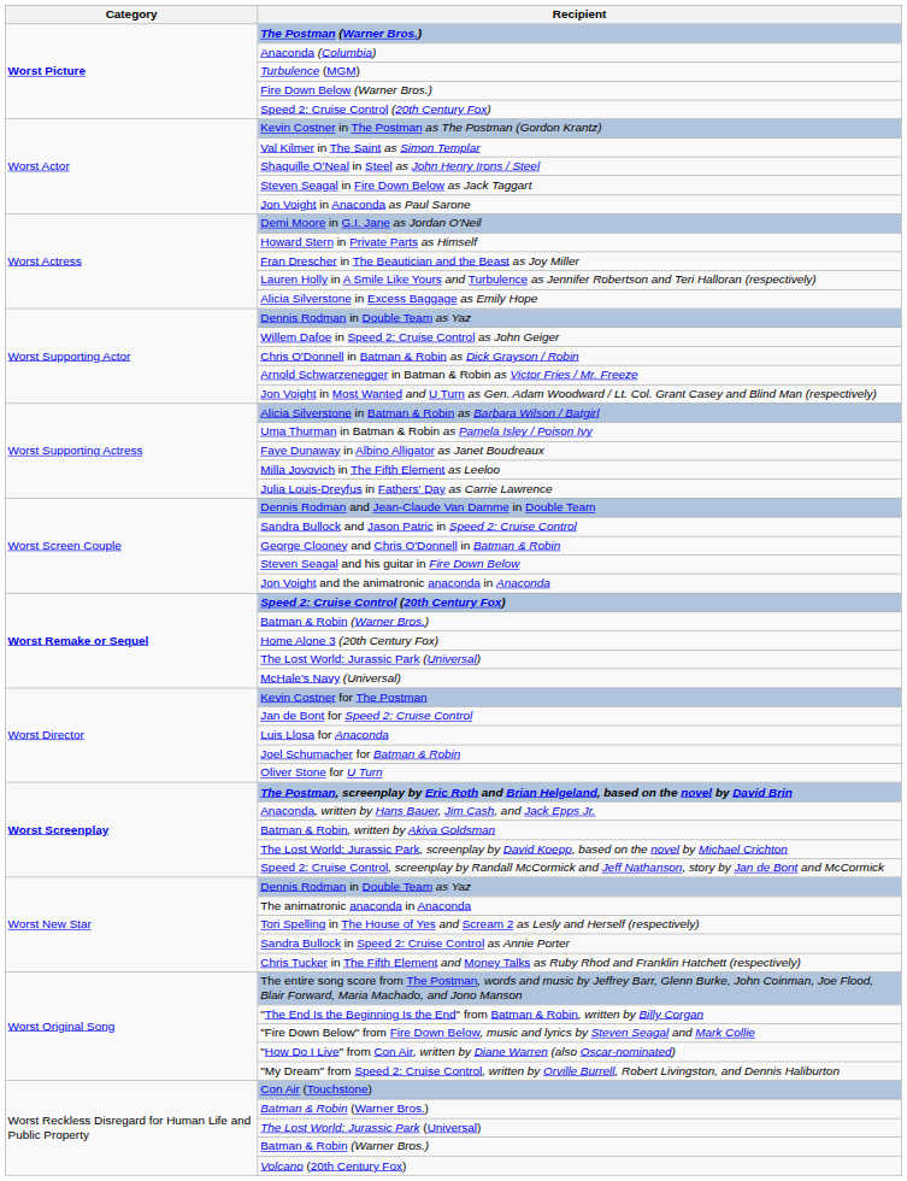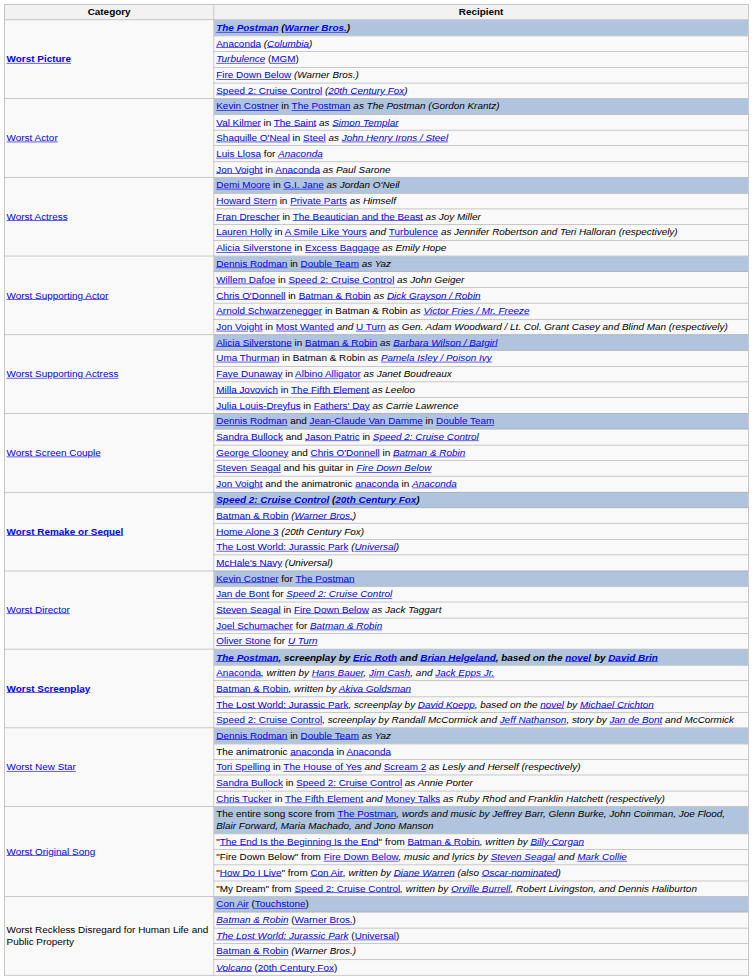 <table class="wikitable" width="95%" align="centre">
 <tr>
 <th>Category</th>
 <th>Recipient</th>
 </tr>
 <tr>
 <td rowspan=5><strong><a href='#'>Worst Picture</a></strong></td>
 <td style="background:#B0C4DE;"><strong><em><a href='#'>The Postman</a><em> (<a href='#'>Warner Bros.</a>)<strong></td>
 </tr>
 <tr>
 <td></em><a href='#'>Anaconda</a><em> (<a href='#'>Columbia</a>)</td>
 </tr>
 <tr>
 <td><em><a href='#'>Turbulence</a></em> (<a href='#'>MGM</a>)</td>
 </tr>
 <tr>
 <td></em><a href='#'>Fire Down Below</a><em> (Warner Bros.)</td>
 </tr>
 <tr>
 <td></em><a href='#'>Speed 2: Cruise Control</a><em> (<a href='#'>20th Century Fox</a>)</td>
 </tr>
 <tr>
 <td rowspan=5></strong><a href='#'>Worst Actor</a><strong></td>
 <td style="background:#B0C4DE;"></strong><a href='#'>Kevin Costner</a> in </em><a href='#'>The Postman</a><em> as The Postman (Gordon Krantz)<strong></td>
 </tr>
 <tr>
 <td><a href='#'>Val Kilmer</a> in </em><a href='#'>The Saint</a><em> as <a href='#'>Simon Templar</a></td>
 </tr>
 <tr>
 <td><a href='#'>Shaquille O'Neal</a> in </em><a href='#'>Steel</a><em> as <a href='#'>John Henry Irons / Steel</a></td>
 </tr>
 <tr>
-<td><a href='#'>Steven Seagal</a> in </em><a href='#'>Fire Down Below</a><em> as Jack Taggart</td>
+<td><a href='#'>Luis Llosa</a> for <em><a href='#'>Anaconda</a></em></td>
 </tr>
 <tr>
 <td><a href='#'>Jon Voight</a> in </em><a href='#'>Anaconda</a><em> as Paul Sarone</td>
 </tr>
 <tr>
 <td rowspan=5></strong><a href='#'>Worst Actress</a><strong></td>
 <td style="background:#B0C4DE;"></strong><a href='#'>Demi Moore</a> in </em><a href='#'>G.I. Jane</a><em> as Jordan O'Neil<strong></td>
 </tr>
 <tr>
 <td><a href='#'>Howard Stern</a> in </em><a href='#'>Private Parts</a><em> as Himself</td>
 </tr>
 <tr>
 <td><a href='#'>Fran Drescher</a> in </em><a href='#'>The Beautician and the Beast</a><em> as Joy Miller</td>
 </tr>
 <tr>
 <td><a href='#'>Lauren Holly</a> in </em><a href='#'>A Smile Like Yours</a><em> and </em><a href='#'>Turbulence</a><em> as Jennifer Robertson and Teri Halloran (respectively)</td>
 </tr>
 <tr>
 <td><a href='#'>Alicia Silverstone</a> in </em><a href='#'>Excess Baggage</a><em> as Emily Hope</td>
 </tr>
 <tr>
 <td rowspan=5></strong><a href='#'>Worst Supporting Actor</a><strong></td>
 <td style="background:#B0C4DE;"></strong><a href='#'>Dennis Rodman</a> in </em><a href='#'>Double Team</a><em> as Yaz<strong></td>
 </tr>
 <tr>
 <td><a href='#'>Willem Dafoe</a> in </em><a href='#'>Speed 2: Cruise Control</a><em> as John Geiger</td>
 </tr>
 <tr>
 <td><a href='#'>Chris O'Donnell</a> in </em><a href='#'>Batman & Robin</a><em> as <a href='#'>Dick Grayson / Robin</a></td>
 </tr>
 <tr>
 <td><a href='#'>Arnold Schwarzenegger</a> in </em>Batman & Robin<em> as <a href='#'>Victor Fries / Mr. Freeze</a></td>
 </tr>
 <tr>
 <td><a href='#'>Jon Voight</a> in </em><a href='#'>Most Wanted</a><em> and </em><a href='#'>U Turn</a><em> as Gen. Adam Woodward / Lt. Col. Grant Casey and Blind Man (respectively)</td>
 </tr>
 <tr>
 <td rowspan=5></strong><a href='#'>Worst Supporting Actress</a><strong></td>
 <td style="background:#B0C4DE;"></strong><a href='#'>Alicia Silverstone</a> in </em><a href='#'>Batman & Robin</a><em> as <a href='#'>Barbara Wilson / Batgirl</a><strong></td>
 </tr>
 <tr>
 <td><a href='#'>Uma Thurman</a> in </em>Batman & Robin<em> as <a href='#'>Pamela Isley / Poison Ivy</a></td>
 </tr>
 <tr>
 <td><a href='#'>Faye Dunaway</a> in </em><a href='#'>Albino Alligator</a><em> as Janet Boudreaux</td>
 </tr>
 <tr>
 <td><a href='#'>Milla Jovovich</a> in </em><a href='#'>The Fifth Element</a><em> as Leeloo</td>
 </tr>
 <tr>
 <td><a href='#'>Julia Louis-Dreyfus</a> in </em><a href='#'>Fathers' Day</a><em> as Carrie Lawrence</td>
 </tr>
 <tr>
 <td rowspan=5></strong><a href='#'>Worst Screen Couple</a><strong></td>
 <td style="background:#B0C4DE;"></strong><a href='#'>Dennis Rodman</a> and <a href='#'>Jean-Claude Van Damme</a> in </em><a href='#'>Double Team</a></em></strong></td>
 </tr>
 <tr>
 <td><a href='#'>Sandra Bullock</a> and <a href='#'>Jason Patric</a> in <em><a href='#'>Speed 2: Cruise Control</a></em></td>
 </tr>
 <tr>
 <td><a href='#'>George Clooney</a> and <a href='#'>Chris O'Donnell</a> in <em><a href='#'>Batman & Robin</a></em></td>
 </tr>
 <tr>
 <td><a href='#'>Steven Seagal</a> and his guitar in <em><a href='#'>Fire Down Below</a></em></td>
 </tr>
 <tr>
 <td><a href='#'>Jon Voight</a> and the animatronic <a href='#'>anaconda</a> in <em><a href='#'>Anaconda</a></em></td>
 </tr>
 <tr>
 <td rowspan=5><strong><a href='#'>Worst Remake or Sequel</a></strong></td>
 <td style="background:#B0C4DE;"><strong><em><a href='#'>Speed 2: Cruise Control</a><em> (<a href='#'>20th Century Fox</a>)<strong></td>
 </tr>
 <tr>
 <td></em><a href='#'>Batman & Robin</a><em> (<a href='#'>Warner Bros.</a>)</td>
 </tr>
 <tr>
 <td></em><a href='#'>Home Alone 3</a><em> (20th Century Fox)</td>
 </tr>
 <tr>
 <td></em><a href='#'>The Lost World: Jurassic Park</a><em> (<a href='#'>Universal</a>)</td>
 </tr>
 <tr>
 <td></em><a href='#'>McHale's Navy</a><em> (Universal)</td>
 </tr>
 <tr>
 <td rowspan=5></strong><a href='#'>Worst Director</a><strong></td>
 <td style="background:#B0C4DE;"></strong><a href='#'>Kevin Costner</a> for </em><a href='#'>The Postman</a></em></strong></td>
 </tr>
 <tr>
 <td><a href='#'>Jan de Bont</a> for <em><a href='#'>Speed 2: Cruise Control</a></em></td>
 </tr>
 <tr>
-<td><a href='#'>Luis Llosa</a> for <em><a href='#'>Anaconda</a></em></td>
+<td><a href='#'>Steven Seagal</a> in </em><a href='#'>Fire Down Below</a><em> as Jack Taggart</td>
 </tr>
 <tr>
 <td><a href='#'>Joel Schumacher</a> for <em><a href='#'>Batman & Robin</a></em></td>
 </tr>
 <tr>
 <td><a href='#'>Oliver Stone</a> for <em><a href='#'>U Turn</a></em></td>
 </tr>
 <tr>
 <td rowspan=5><strong><a href='#'>Worst Screenplay</a></strong></td>
 <td style="background:#B0C4DE;"><strong><em><a href='#'>The Postman</a><em>, screenplay by <a href='#'>Eric Roth</a> and <a href='#'>Brian Helgeland</a>, based on the <a href='#'>novel</a> by <a href='#'>David Brin</a><strong></td>
 </tr>
 <tr>
 <td></em><a href='#'>Anaconda</a><em>, written by <a href='#'>Hans Bauer</a>, <a href='#'>Jim Cash</a>, and <a href='#'>Jack Epps Jr.</a></td>
 </tr>
 <tr>
 <td></em><a href='#'>Batman & Robin</a><em>, written by <a href='#'>Akiva Goldsman</a></td>
 </tr>
 <tr>
 <td></em><a href='#'>The Lost World: Jurassic Park</a><em>, screenplay by <a href='#'>David Koepp</a>, based on the <a href='#'>novel</a> by <a href='#'>Michael Crichton</a></td>
 </tr>
 <tr>
 <td></em><a href='#'>Speed 2: Cruise Control</a><em>, screenplay by Randall McCormick and <a href='#'>Jeff Nathanson</a>, story by <a href='#'>Jan de Bont</a> and McCormick</td>
 </tr>
 <tr>
 <td rowspan=5></strong><a href='#'>Worst New Star</a><strong></td>
 <td style="background:#B0C4DE;"></strong><a href='#'>Dennis Rodman</a> in </em><a href='#'>Double Team</a><em> as Yaz<strong></td>
 </tr>
 <tr>
 <td>The animatronic <a href='#'>anaconda</a> in </em><a href='#'>Anaconda</a><em></td>
 </tr>
 <tr>
 <td><a href='#'>Tori Spelling</a> in </em><a href='#'>The House of Yes</a><em> and </em><a href='#'>Scream 2</a><em> as Lesly and Herself (respectively)</td>
 </tr>
 <tr>
 <td><a href='#'>Sandra Bullock</a> in </em><a href='#'>Speed 2: Cruise Control</a><em> as Annie Porter</td>
 </tr>
 <tr>
 <td><a href='#'>Chris Tucker</a> in </em><a href='#'>The Fifth Element</a><em> and </em><a href='#'>Money Talks</a><em> as Ruby Rhod and Franklin Hatchett (respectively)</td>
 </tr>
 <tr>
 <td rowspan=5></strong><a href='#'>Worst Original Song</a><strong></td>
 <td style="background:#B0C4DE;"></strong>The entire song score from </em><a href='#'>The Postman</a><em>, words and music by Jeffrey Barr, Glenn Burke, John Coinman, Joe Flood, Blair Forward, Maria Machado, and Jono Manson<strong></td>
 </tr>
 <tr>
 <td>"<a href='#'>The End Is the Beginning Is the End</a>" from </em><a href='#'>Batman & Robin</a><em>, written by <a href='#'>Billy Corgan</a></td>
 </tr>
 <tr>
 <td>"Fire Down Below" from </em><a href='#'>Fire Down Below</a><em>, music and lyrics by <a href='#'>Steven Seagal</a> and <a href='#'>Mark Collie</a></td>
 </tr>
 <tr>
 <td>"<a href='#'>How Do I Live</a>" from </em><a href='#'>Con Air</a><em>, written by <a href='#'>Diane Warren</a> (also <a href='#'>Oscar-nominated</a>)</td>
 </tr>
 <tr>
 <td>"My Dream" from </em><a href='#'>Speed 2: Cruise Control</a><em>, written by <a href='#'>Orville Burrell</a>, Robert Livingston, and Dennis Haliburton</td>
 </tr>
 <tr>
 <td rowspan=5></strong>Worst Reckless Disregard for Human Life and Public Property<strong></td>
 <td style="background:#B0C4DE;"></em></strong><a href='#'>Con Air</a></em> (<a href='#'>Touchstone</a>)</strong></td>
 </tr>
 <tr>
 <td><em><a href='#'>Batman & Robin</a></em> (<a href='#'>Warner Bros.</a>)</td>
 </tr>
 <tr>
 <td><em><a href='#'>The Lost World: Jurassic Park</a></em> (<a href='#'>Universal</a>)</td>
 </tr>
 <tr>
 <td></em><a href='#'>Batman & Robin</a><em> (Warner Bros.)</td>
 </tr>
 <tr>
 <td><em><a href='#'>Volcano</a></em> (<a href='#'>20th Century Fox</a>)</td>
 </tr>
 </table>
